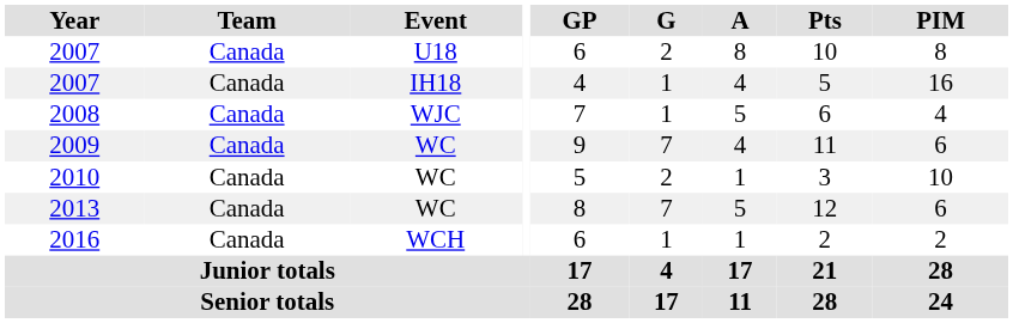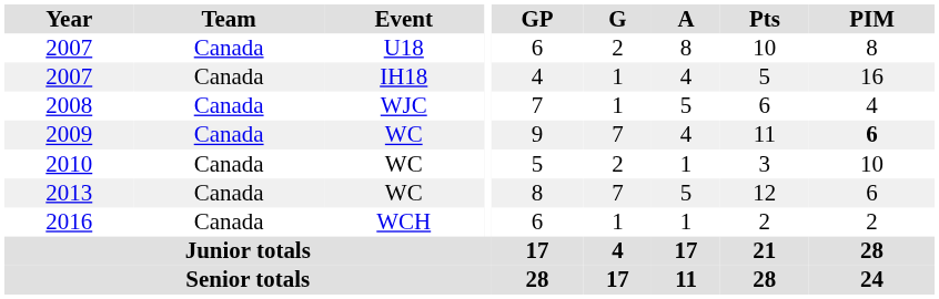 <table border="0" cellpadding="1" cellspacing="0" ID="Table3" style="text-align:center; width:40em;">
 <tr bgcolor="#e0e0e0">
 <th>Year</th>
 <th>Team</th>
 <th>Event</th>
 <th rowspan="102" bgcolor="#ffffff"></th>
 <th>GP</th>
 <th>G</th>
 <th>A</th>
 <th>Pts</th>
 <th>PIM</th>
 </tr>
 <tr>
 <td><a href='#'>2007</a></td>
 <td><a href='#'>Canada</a></td>
 <td><a href='#'>U18</a></td>
 <td>6</td>
 <td>2</td>
 <td>8</td>
 <td>10</td>
 <td>8</td>
 </tr>
 <tr bgcolor="#f0f0f0">
 <td><a href='#'>2007</a></td>
 <td>Canada</td>
 <td><a href='#'>IH18</a></td>
 <td>4</td>
 <td>1</td>
 <td>4</td>
 <td>5</td>
 <td>16</td>
 </tr>
 <tr>
 <td><a href='#'>2008</a></td>
 <td><a href='#'>Canada</a></td>
 <td><a href='#'>WJC</a></td>
 <td>7</td>
 <td>1</td>
 <td>5</td>
 <td>6</td>
 <td>4</td>
 </tr>
 <tr bgcolor="#f0f0f0">
 <td><a href='#'>2009</a></td>
 <td><a href='#'>Canada</a></td>
 <td><a href='#'>WC</a></td>
 <td>9</td>
 <td>7</td>
 <td>4</td>
 <td>11</td>
-<td>6</td>
+<td><strong>6</strong></td>
 </tr>
 <tr>
 <td><a href='#'>2010</a></td>
 <td>Canada</td>
 <td>WC</td>
 <td>5</td>
 <td>2</td>
 <td>1</td>
 <td>3</td>
 <td>10</td>
 </tr>
 <tr bgcolor="#f0f0f0">
 <td><a href='#'>2013</a></td>
 <td>Canada</td>
 <td>WC</td>
 <td>8</td>
 <td>7</td>
 <td>5</td>
 <td>12</td>
 <td>6</td>
 </tr>
 <tr>
 <td><a href='#'>2016</a></td>
 <td>Canada</td>
 <td><a href='#'>WCH</a></td>
 <td>6</td>
 <td>1</td>
 <td>1</td>
 <td>2</td>
 <td>2</td>
 </tr>
 <tr bgcolor="#e0e0e0">
 <th colspan="4">Junior totals</th>
 <th>17</th>
 <th>4</th>
 <th>17</th>
 <th>21</th>
 <th>28</th>
 </tr>
 <tr bgcolor="#e0e0e0">
 <th colspan="4">Senior totals</th>
 <th>28</th>
 <th>17</th>
 <th>11</th>
 <th>28</th>
 <th>24</th>
 </tr>
 </table>
